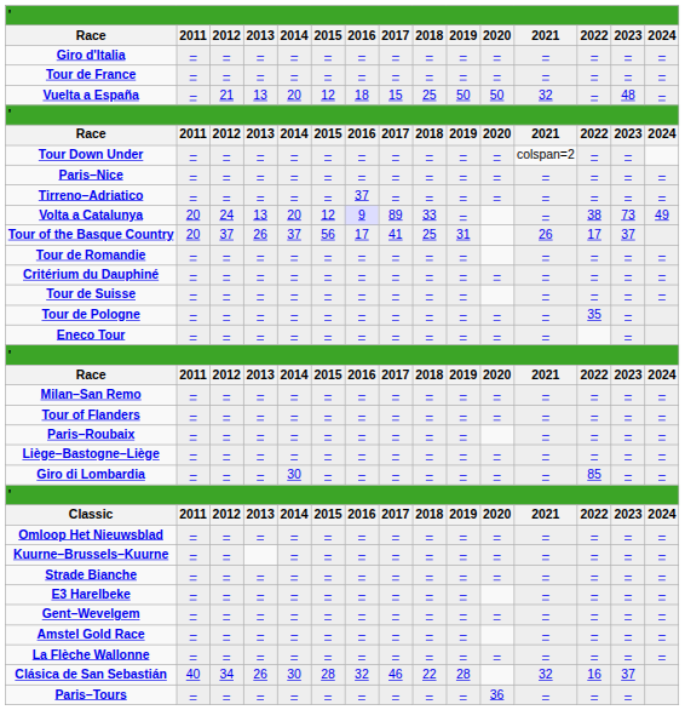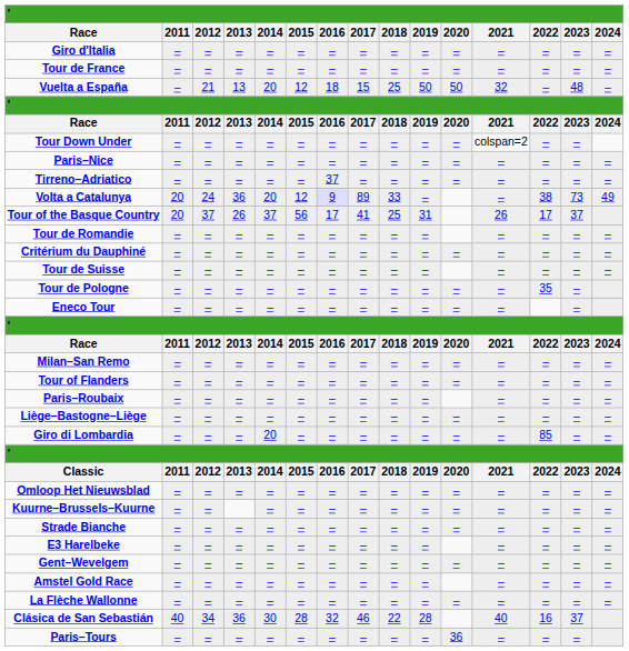 <table class="wikitable">
 <tr style="background:#eee;">
 <td style="background:#3ca527;" colspan=25><strong>'</strong></td>
 </tr>
 <tr>
 <th>Race</th>
 <th>2011</th>
 <th>2012</th>
 <th>2013</th>
 <th>2014</th>
 <th>2015</th>
 <th>2016</th>
 <th>2017</th>
 <th>2018</th>
 <th>2019</th>
 <th>2020</th>
 <th>2021</th>
 <th>2022</th>
 <th>2023</th>
 <th>2024</th>
 </tr>
 <tr align="center">
 <td><strong><a href='#'>Giro d'Italia</a></strong></td>
 <td style="background:#eee;"><a href='#'>–</a></td>
 <td style="background:#eee;"><a href='#'>–</a></td>
 <td style="background:#eee;"><a href='#'>–</a></td>
 <td style="background:#eee;"><a href='#'>–</a></td>
 <td style="background:#eee;"><a href='#'>–</a></td>
 <td style="background:#eee;"><a href='#'>–</a></td>
 <td style="background:#eee;"><a href='#'>–</a></td>
 <td style="background:#eee;"><a href='#'>–</a></td>
 <td style="background:#eee;"><a href='#'>–</a></td>
 <td style="background:#eee;"><a href='#'>–</a></td>
 <td style="background:#eee;"><a href='#'>–</a></td>
 <td style="background:#eee;"><a href='#'>–</a></td>
 <td style="background:#eee;"><a href='#'>–</a></td>
 <td style="background:#eee;"><a href='#'>–</a></td>
 </tr>
 <tr align="center">
 <td><strong><a href='#'>Tour de France</a></strong></td>
 <td style="background:#eee;"><a href='#'>–</a></td>
 <td style="background:#eee;"><a href='#'>–</a></td>
 <td style="background:#eee;"><a href='#'>–</a></td>
 <td style="background:#eee;"><a href='#'>–</a></td>
 <td style="background:#eee;"><a href='#'>–</a></td>
 <td style="background:#eee;"><a href='#'>–</a></td>
 <td style="background:#eee;"><a href='#'>–</a></td>
 <td style="background:#eee;"><a href='#'>–</a></td>
 <td style="background:#eee;"><a href='#'>–</a></td>
 <td style="background:#eee;"><a href='#'>–</a></td>
 <td style="background:#eee;"><a href='#'>–</a></td>
 <td style="background:#eee;"><a href='#'>–</a></td>
 <td style="background:#eee;"><a href='#'>–</a></td>
 <td style="background:#eee;"><a href='#'>–</a></td>
 </tr>
 <tr align="center">
 <td><strong><a href='#'>Vuelta a España</a></strong></td>
 <td style="background:#eee;"><a href='#'>–</a></td>
 <td style="background:#eee;"><a href='#'>21</a></td>
 <td style="background:#eee;"><a href='#'>13</a></td>
 <td style="background:#eee;"><a href='#'>20</a></td>
 <td style="background:#eee;"><a href='#'>12</a></td>
 <td style="background:#eee;"><a href='#'>18</a></td>
 <td style="background:#eee;"><a href='#'>15</a></td>
 <td style="background:#eee;"><a href='#'>25</a></td>
 <td style="background:#eee;"><a href='#'>50</a></td>
 <td style="background:#eee;"><a href='#'>50</a></td>
 <td style="background:#eee;"><a href='#'>32</a></td>
 <td style="background:#eee;"><a href='#'>–</a></td>
 <td style="background:#eee;"><a href='#'>48</a></td>
 <td style="background:#eee;"><a href='#'>–</a></td>
 </tr>
 <tr>
 <td style="background:#3ca527;" colspan=25><strong>'</strong></td>
 </tr>
 <tr>
 <th>Race</th>
 <th>2011</th>
 <th>2012</th>
 <th>2013</th>
 <th>2014</th>
 <th>2015</th>
 <th>2016</th>
 <th>2017</th>
 <th>2018</th>
 <th>2019</th>
 <th>2020</th>
 <th>2021</th>
 <th>2022</th>
 <th>2023</th>
 <th>2024</th>
 </tr>
 <tr align="center">
 <td><strong><a href='#'>Tour Down Under</a></strong></td>
 <td style="background:#eee;"><a href='#'>–</a></td>
 <td style="background:#eee;"><a href='#'>–</a></td>
 <td style="background:#eee;"><a href='#'>–</a></td>
 <td style="background:#eee;"><a href='#'>–</a></td>
 <td style="background:#eee;"><a href='#'>–</a></td>
 <td style="background:#eee;"><a href='#'>–</a></td>
 <td style="background:#eee;"><a href='#'>–</a></td>
 <td style="background:#eee;"><a href='#'>–</a></td>
 <td style="background:#eee;"><a href='#'>–</a></td>
 <td style="background:#eee;"><a href='#'>–</a></td>
 <td>colspan=2 </td>
 <td style="background:#eee;"><a href='#'>–</a></td>
 <td style="background:#eee;"><a href='#'>–</a></td>
 </tr>
 <tr align="center">
 <td><strong><a href='#'>Paris–Nice</a></strong></td>
 <td style="background:#eee;"><a href='#'>–</a></td>
 <td style="background:#eee;"><a href='#'>–</a></td>
 <td style="background:#eee;"><a href='#'>–</a></td>
 <td style="background:#eee;"><a href='#'>–</a></td>
 <td style="background:#eee;"><a href='#'>–</a></td>
 <td style="background:#eee;"><a href='#'>–</a></td>
 <td style="background:#eee;"><a href='#'>–</a></td>
 <td style="background:#eee;"><a href='#'>–</a></td>
 <td style="background:#eee;"><a href='#'>–</a></td>
 <td style="background:#eee;"><a href='#'>–</a></td>
 <td style="background:#eee;"><a href='#'>–</a></td>
 <td style="background:#eee;"><a href='#'>–</a></td>
 <td style="background:#eee;"><a href='#'>–</a></td>
 <td style="background:#eee;"><a href='#'>–</a></td>
 </tr>
 <tr align="center">
 <td><strong><a href='#'>Tirreno–Adriatico</a></strong></td>
 <td style="background:#eee;"><a href='#'>–</a></td>
 <td style="background:#eee;"><a href='#'>–</a></td>
 <td style="background:#eee;"><a href='#'>–</a></td>
 <td style="background:#eee;"><a href='#'>–</a></td>
 <td style="background:#eee;"><a href='#'>–</a></td>
 <td style="background:#eee;"><a href='#'>37</a></td>
 <td style="background:#eee;"><a href='#'>–</a></td>
 <td style="background:#eee;"><a href='#'>–</a></td>
 <td style="background:#eee;"><a href='#'>–</a></td>
 <td style="background:#eee;"><a href='#'>–</a></td>
 <td style="background:#eee;"><a href='#'>–</a></td>
 <td style="background:#eee;"><a href='#'>–</a></td>
 <td style="background:#eee;"><a href='#'>–</a></td>
 <td style="background:#eee;"><a href='#'>–</a></td>
 </tr>
 <tr align="center">
 <td><strong><a href='#'>Volta a Catalunya</a></strong></td>
 <td style="background:#eee;"><a href='#'>20</a></td>
 <td style="background:#eee;"><a href='#'>24</a></td>
-<td style="background:#eee;"><a href='#'>13</a></td>
+<td style="background:#eee;"><a href='#'>36</a></td>
 <td style="background:#eee;"><a href='#'>20</a></td>
 <td style="background:#eee;"><a href='#'>12</a></td>
 <td style="background:#ddf;"><a href='#'>9</a></td>
 <td style="background:#eee;"><a href='#'>89</a></td>
 <td style="background:#eee;"><a href='#'>33</a></td>
 <td style="background:#eee;"><a href='#'>–</a></td>
 <td></td>
 <td style="background:#eee;"><a href='#'>–</a></td>
 <td style="background:#eee;"><a href='#'>38</a></td>
 <td style="background:#eee;"><a href='#'>73</a></td>
 <td style="background:#eee;"><a href='#'>49</a></td>
 </tr>
 <tr align="center">
 <td><strong><a href='#'>Tour of the Basque Country</a></strong></td>
 <td style="background:#eee;"><a href='#'>20</a></td>
 <td style="background:#eee;"><a href='#'>37</a></td>
 <td style="background:#eee;"><a href='#'>26</a></td>
 <td style="background:#eee;"><a href='#'>37</a></td>
 <td style="background:#eee;"><a href='#'>56</a></td>
 <td style="background:#eee;"><a href='#'>17</a></td>
 <td style="background:#eee;"><a href='#'>41</a></td>
 <td style="background:#eee;"><a href='#'>25</a></td>
 <td style="background:#eee;"><a href='#'>31</a></td>
 <td></td>
 <td style="background:#eee;"><a href='#'>26</a></td>
 <td style="background:#eee;"><a href='#'>17</a></td>
 <td style="background:#eee;"><a href='#'>37</a></td>
 <td style="background:#eee;"><a href='#'></a></td>
 </tr>
 <tr align="center">
 <td><strong><a href='#'>Tour de Romandie</a></strong></td>
 <td style="background:#eee;"><a href='#'>–</a></td>
 <td style="background:#eee;"><a href='#'>–</a></td>
 <td style="background:#eee;"><a href='#'>–</a></td>
 <td style="background:#eee;"><a href='#'>–</a></td>
 <td style="background:#eee;"><a href='#'>–</a></td>
 <td style="background:#eee;"><a href='#'>–</a></td>
 <td style="background:#eee;"><a href='#'>–</a></td>
 <td style="background:#eee;"><a href='#'>–</a></td>
 <td style="background:#eee;"><a href='#'>–</a></td>
 <td></td>
 <td style="background:#eee;"><a href='#'>–</a></td>
 <td style="background:#eee;"><a href='#'>–</a></td>
 <td style="background:#eee;"><a href='#'>–</a></td>
 <td style="background:#eee;"><a href='#'>–</a></td>
 </tr>
 <tr align="center">
 <td><strong><a href='#'>Critérium du Dauphiné</a></strong></td>
 <td style="background:#eee;"><a href='#'>–</a></td>
 <td style="background:#eee;"><a href='#'>–</a></td>
 <td style="background:#eee;"><a href='#'>–</a></td>
 <td style="background:#eee;"><a href='#'>–</a></td>
 <td style="background:#eee;"><a href='#'>–</a></td>
 <td style="background:#eee;"><a href='#'>–</a></td>
 <td style="background:#eee;"><a href='#'>–</a></td>
 <td style="background:#eee;"><a href='#'>–</a></td>
 <td style="background:#eee;"><a href='#'>–</a></td>
 <td style="background:#eee;"><a href='#'>–</a></td>
 <td style="background:#eee;"><a href='#'>–</a></td>
 <td style="background:#eee;"><a href='#'>–</a></td>
 <td style="background:#eee;"><a href='#'>–</a></td>
 <td style="background:#eee;"><a href='#'>–</a></td>
 </tr>
 <tr align="center">
 <td><strong><a href='#'>Tour de Suisse</a></strong></td>
 <td style="background:#eee;"><a href='#'>–</a></td>
 <td style="background:#eee;"><a href='#'>–</a></td>
 <td style="background:#eee;"><a href='#'>–</a></td>
 <td style="background:#eee;"><a href='#'>–</a></td>
 <td style="background:#eee;"><a href='#'>–</a></td>
 <td style="background:#eee;"><a href='#'>–</a></td>
 <td style="background:#eee;"><a href='#'>–</a></td>
 <td style="background:#eee;"><a href='#'>–</a></td>
 <td style="background:#eee;"><a href='#'>–</a></td>
 <td></td>
 <td style="background:#eee;"><a href='#'>–</a></td>
 <td style="background:#eee;"><a href='#'>–</a></td>
 <td style="background:#eee;"><a href='#'>–</a></td>
 <td style="background:#eee;"><a href='#'>–</a></td>
 </tr>
 <tr align="center">
 <td><strong><a href='#'>Tour de Pologne</a></strong></td>
 <td style="background:#eee;"><a href='#'>–</a></td>
 <td style="background:#eee;"><a href='#'>–</a></td>
 <td style="background:#eee;"><a href='#'>–</a></td>
 <td style="background:#eee;"><a href='#'>–</a></td>
 <td style="background:#eee;"><a href='#'>–</a></td>
 <td style="background:#eee;"><a href='#'>–</a></td>
 <td style="background:#eee;"><a href='#'>–</a></td>
 <td style="background:#eee;"><a href='#'>–</a></td>
 <td style="background:#eee;"><a href='#'>–</a></td>
 <td style="background:#eee;"><a href='#'>–</a></td>
 <td style="background:#eee;"><a href='#'>–</a></td>
 <td style="background:#eee;"><a href='#'>35</a></td>
 <td style="background:#eee;"><a href='#'>–</a></td>
 <td style="background:#eee;"><a href='#'></a></td>
 </tr>
 <tr align="center">
 <td><strong><a href='#'>Eneco Tour</a></strong></td>
 <td style="background:#eee;"><a href='#'>–</a></td>
 <td style="background:#eee;"><a href='#'>–</a></td>
 <td style="background:#eee;"><a href='#'>–</a></td>
 <td style="background:#eee;"><a href='#'>–</a></td>
 <td style="background:#eee;"><a href='#'>–</a></td>
 <td style="background:#eee;"><a href='#'>–</a></td>
 <td style="background:#eee;"><a href='#'>–</a></td>
 <td style="background:#eee;"><a href='#'>–</a></td>
 <td style="background:#eee;"><a href='#'>–</a></td>
 <td style="background:#eee;"><a href='#'>–</a></td>
 <td style="background:#eee;"><a href='#'>–</a></td>
 <td></td>
 <td style="background:#eee;"><a href='#'>–</a></td>
 <td style="background:#eee;"><a href='#'></a></td>
 </tr>
 <tr>
 <td style="background:#3ca527;" colspan=25><strong>'</strong></td>
 </tr>
 <tr>
 <th>Race</th>
 <th>2011</th>
 <th>2012</th>
 <th>2013</th>
 <th>2014</th>
 <th>2015</th>
 <th>2016</th>
 <th>2017</th>
 <th>2018</th>
 <th>2019</th>
 <th>2020</th>
 <th>2021</th>
 <th>2022</th>
 <th>2023</th>
 <th>2024</th>
 </tr>
 <tr align="center">
 <td><strong><a href='#'>Milan–San Remo</a></strong></td>
 <td style="background:#eee;"><a href='#'>–</a></td>
 <td style="background:#eee;"><a href='#'>–</a></td>
 <td style="background:#eee;"><a href='#'>–</a></td>
 <td style="background:#eee;"><a href='#'>–</a></td>
 <td style="background:#eee;"><a href='#'>–</a></td>
 <td style="background:#eee;"><a href='#'>–</a></td>
 <td style="background:#eee;"><a href='#'>–</a></td>
 <td style="background:#eee;"><a href='#'>–</a></td>
 <td style="background:#eee;"><a href='#'>–</a></td>
 <td style="background:#eee;"><a href='#'>–</a></td>
 <td style="background:#eee;"><a href='#'>–</a></td>
 <td style="background:#eee;"><a href='#'>–</a></td>
 <td style="background:#eee;"><a href='#'>–</a></td>
 <td style="background:#eee;"><a href='#'>–</a></td>
 </tr>
 <tr align="center">
 <td><strong><a href='#'>Tour of Flanders</a></strong></td>
 <td style="background:#eee;"><a href='#'>–</a></td>
 <td style="background:#eee;"><a href='#'>–</a></td>
 <td style="background:#eee;"><a href='#'>–</a></td>
 <td style="background:#eee;"><a href='#'>–</a></td>
 <td style="background:#eee;"><a href='#'>–</a></td>
 <td style="background:#eee;"><a href='#'>–</a></td>
 <td style="background:#eee;"><a href='#'>–</a></td>
 <td style="background:#eee;"><a href='#'>–</a></td>
 <td style="background:#eee;"><a href='#'>–</a></td>
 <td style="background:#eee;"><a href='#'>–</a></td>
 <td style="background:#eee;"><a href='#'>–</a></td>
 <td style="background:#eee;"><a href='#'>–</a></td>
 <td style="background:#eee;"><a href='#'>–</a></td>
 <td style="background:#eee;"><a href='#'>–</a></td>
 </tr>
 <tr align="center">
 <td><strong><a href='#'>Paris–Roubaix</a></strong></td>
 <td style="background:#eee;"><a href='#'>–</a></td>
 <td style="background:#eee;"><a href='#'>–</a></td>
 <td style="background:#eee;"><a href='#'>–</a></td>
 <td style="background:#eee;"><a href='#'>–</a></td>
 <td style="background:#eee;"><a href='#'>–</a></td>
 <td style="background:#eee;"><a href='#'>–</a></td>
 <td style="background:#eee;"><a href='#'>–</a></td>
 <td style="background:#eee;"><a href='#'>–</a></td>
 <td style="background:#eee;"><a href='#'>–</a></td>
 <td></td>
 <td style="background:#eee;"><a href='#'>–</a></td>
 <td style="background:#eee;"><a href='#'>–</a></td>
 <td style="background:#eee;"><a href='#'>–</a></td>
 <td style="background:#eee;"><a href='#'>–</a></td>
 </tr>
 <tr align="center">
 <td><strong><a href='#'>Liège–Bastogne–Liège</a></strong></td>
 <td style="background:#eee;"><a href='#'>–</a></td>
 <td style="background:#eee;"><a href='#'>–</a></td>
 <td style="background:#eee;"><a href='#'>–</a></td>
 <td style="background:#eee;"><a href='#'>–</a></td>
 <td style="background:#eee;"><a href='#'>–</a></td>
 <td style="background:#eee;"><a href='#'>–</a></td>
 <td style="background:#eee;"><a href='#'>–</a></td>
 <td style="background:#eee;"><a href='#'>–</a></td>
 <td style="background:#eee;"><a href='#'>–</a></td>
 <td style="background:#eee;"><a href='#'>–</a></td>
 <td style="background:#eee;"><a href='#'>–</a></td>
 <td style="background:#eee;"><a href='#'>–</a></td>
 <td style="background:#eee;"><a href='#'>–</a></td>
 <td style="background:#eee;"><a href='#'>–</a></td>
 </tr>
 <tr align="center">
 <td><strong><a href='#'>Giro di Lombardia</a></strong></td>
 <td style="background:#eee;"><a href='#'>–</a></td>
 <td style="background:#eee;"><a href='#'>–</a></td>
 <td style="background:#eee;"><a href='#'>–</a></td>
-<td style="background:#eee;"><a href='#'>30</a></td>
+<td style="background:#eee;"><a href='#'>20</a></td>
 <td style="background:#eee;"><a href='#'>–</a></td>
 <td style="background:#eee;"><a href='#'>–</a></td>
 <td style="background:#eee;"><a href='#'>–</a></td>
 <td style="background:#eee;"><a href='#'>–</a></td>
 <td style="background:#eee;"><a href='#'>–</a></td>
 <td style="background:#eee;"><a href='#'>–</a></td>
 <td style="background:#eee;"><a href='#'>–</a></td>
 <td style="background:#eee;"><a href='#'>85</a></td>
 <td style="background:#eee;"><a href='#'>–</a></td>
 <td style="background:#eee;"><a href='#'>–</a></td>
 </tr>
 <tr>
 <td style="background:#3ca527;" colspan=25><strong>'</strong></td>
 </tr>
 <tr>
 <th>Classic</th>
 <th>2011</th>
 <th>2012</th>
 <th>2013</th>
 <th>2014</th>
 <th>2015</th>
 <th>2016</th>
 <th>2017</th>
 <th>2018</th>
 <th>2019</th>
 <th>2020</th>
 <th>2021</th>
 <th>2022</th>
 <th>2023</th>
 <th>2024</th>
 </tr>
 <tr align="center">
 <td><strong><a href='#'>Omloop Het Nieuwsblad</a></strong></td>
 <td style="background:#eee;"><a href='#'>–</a></td>
 <td style="background:#eee;"><a href='#'>–</a></td>
 <td style="background:#eee;"><a href='#'>–</a></td>
 <td style="background:#eee;"><a href='#'>–</a></td>
 <td style="background:#eee;"><a href='#'>–</a></td>
 <td style="background:#eee;"><a href='#'>–</a></td>
 <td style="background:#eee;"><a href='#'>–</a></td>
 <td style="background:#eee;"><a href='#'>–</a></td>
 <td style="background:#eee;"><a href='#'>–</a></td>
 <td style="background:#eee;"><a href='#'>–</a></td>
 <td style="background:#eee;"><a href='#'>–</a></td>
 <td style="background:#eee;"><a href='#'>–</a></td>
 <td style="background:#eee;"><a href='#'>–</a></td>
 <td style="background:#eee;"><a href='#'>–</a></td>
 </tr>
 <tr align="center">
 <td><strong><a href='#'>Kuurne–Brussels–Kuurne</a></strong></td>
 <td style="background:#eee;"><a href='#'>–</a></td>
 <td style="background:#eee;"><a href='#'>–</a></td>
 <td></td>
 <td style="background:#eee;"><a href='#'>–</a></td>
 <td style="background:#eee;"><a href='#'>–</a></td>
 <td style="background:#eee;"><a href='#'>–</a></td>
 <td style="background:#eee;"><a href='#'>–</a></td>
 <td style="background:#eee;"><a href='#'>–</a></td>
 <td style="background:#eee;"><a href='#'>–</a></td>
 <td style="background:#eee;"><a href='#'>–</a></td>
 <td style="background:#eee;"><a href='#'>–</a></td>
 <td style="background:#eee;"><a href='#'>–</a></td>
 <td style="background:#eee;"><a href='#'>–</a></td>
 <td style="background:#eee;"><a href='#'>–</a></td>
 </tr>
 <tr align="center">
 <td><strong><a href='#'>Strade Bianche</a></strong></td>
 <td style="background:#eee;"><a href='#'>–</a></td>
 <td style="background:#eee;"><a href='#'>–</a></td>
 <td style="background:#eee;"><a href='#'>–</a></td>
 <td style="background:#eee;"><a href='#'>–</a></td>
 <td style="background:#eee;"><a href='#'>–</a></td>
 <td style="background:#eee;"><a href='#'>–</a></td>
 <td style="background:#eee;"><a href='#'>–</a></td>
 <td style="background:#eee;"><a href='#'>–</a></td>
 <td style="background:#eee;"><a href='#'>–</a></td>
 <td style="background:#eee;"><a href='#'>–</a></td>
 <td style="background:#eee;"><a href='#'>–</a></td>
 <td style="background:#eee;"><a href='#'>–</a></td>
 <td style="background:#eee;"><a href='#'>–</a></td>
 <td style="background:#eee;"><a href='#'>–</a></td>
 </tr>
 <tr align="center">
 <td><strong><a href='#'>E3 Harelbeke</a></strong></td>
 <td style="background:#eee;"><a href='#'>–</a></td>
 <td style="background:#eee;"><a href='#'>–</a></td>
 <td style="background:#eee;"><a href='#'>–</a></td>
 <td style="background:#eee;"><a href='#'>–</a></td>
 <td style="background:#eee;"><a href='#'>–</a></td>
 <td style="background:#eee;"><a href='#'>–</a></td>
 <td style="background:#eee;"><a href='#'>–</a></td>
 <td style="background:#eee;"><a href='#'>–</a></td>
 <td style="background:#eee;"><a href='#'>–</a></td>
 <td></td>
 <td style="background:#eee;"><a href='#'>–</a></td>
 <td style="background:#eee;"><a href='#'>–</a></td>
 <td style="background:#eee;"><a href='#'>–</a></td>
 <td style="background:#eee;"><a href='#'>–</a></td>
 </tr>
 <tr align="center">
 <td><strong><a href='#'>Gent–Wevelgem</a></strong></td>
 <td style="background:#eee;"><a href='#'>–</a></td>
 <td style="background:#eee;"><a href='#'>–</a></td>
 <td style="background:#eee;"><a href='#'>–</a></td>
 <td style="background:#eee;"><a href='#'>–</a></td>
 <td style="background:#eee;"><a href='#'>–</a></td>
 <td style="background:#eee;"><a href='#'>–</a></td>
 <td style="background:#eee;"><a href='#'>–</a></td>
 <td style="background:#eee;"><a href='#'>–</a></td>
 <td style="background:#eee;"><a href='#'>–</a></td>
 <td style="background:#eee;"><a href='#'>–</a></td>
 <td style="background:#eee;"><a href='#'>–</a></td>
 <td style="background:#eee;"><a href='#'>–</a></td>
 <td style="background:#eee;"><a href='#'>–</a></td>
 <td style="background:#eee;"><a href='#'>–</a></td>
 </tr>
 <tr align="center">
 <td><strong><a href='#'>Amstel Gold Race</a></strong></td>
 <td style="background:#eee;"><a href='#'>–</a></td>
 <td style="background:#eee;"><a href='#'>–</a></td>
 <td style="background:#eee;"><a href='#'>–</a></td>
 <td style="background:#eee;"><a href='#'>–</a></td>
 <td style="background:#eee;"><a href='#'>–</a></td>
 <td style="background:#eee;"><a href='#'>–</a></td>
 <td style="background:#eee;"><a href='#'>–</a></td>
 <td style="background:#eee;"><a href='#'>–</a></td>
 <td style="background:#eee;"><a href='#'>–</a></td>
 <td></td>
 <td style="background:#eee;"><a href='#'>–</a></td>
 <td style="background:#eee;"><a href='#'>–</a></td>
 <td style="background:#eee;"><a href='#'>–</a></td>
 <td style="background:#eee;"><a href='#'>–</a></td>
 </tr>
 <tr align="center">
 <td><strong><a href='#'>La Flèche Wallonne</a></strong></td>
 <td style="background:#eee;"><a href='#'>–</a></td>
 <td style="background:#eee;"><a href='#'>–</a></td>
 <td style="background:#eee;"><a href='#'>–</a></td>
 <td style="background:#eee;"><a href='#'>–</a></td>
 <td style="background:#eee;"><a href='#'>–</a></td>
 <td style="background:#eee;"><a href='#'>–</a></td>
 <td style="background:#eee;"><a href='#'>–</a></td>
 <td style="background:#eee;"><a href='#'>–</a></td>
 <td style="background:#eee;"><a href='#'>–</a></td>
 <td style="background:#eee;"><a href='#'>–</a></td>
 <td style="background:#eee;"><a href='#'>–</a></td>
 <td style="background:#eee;"><a href='#'>–</a></td>
 <td style="background:#eee;"><a href='#'>–</a></td>
 <td style="background:#eee;"><a href='#'>–</a></td>
 </tr>
 <tr align="center">
 <td><strong><a href='#'>Clásica de San Sebastián</a></strong></td>
 <td style="background:#eee;"><a href='#'>40</a></td>
 <td style="background:#eee;"><a href='#'>34</a></td>
-<td style="background:#eee;"><a href='#'>26</a></td>
+<td style="background:#eee;"><a href='#'>36</a></td>
 <td style="background:#eee;"><a href='#'>30</a></td>
 <td style="background:#eee;"><a href='#'>28</a></td>
 <td style="background:#eee;"><a href='#'>32</a></td>
 <td style="background:#eee;"><a href='#'>46</a></td>
 <td style="background:#eee;"><a href='#'>22</a></td>
 <td style="background:#eee;"><a href='#'>28</a></td>
 <td></td>
-<td style="background:#eee;"><a href='#'>32</a></td>
+<td style="background:#eee;"><a href='#'>40</a></td>
 <td style="background:#eee;"><a href='#'>16</a></td>
 <td style="background:#eee;"><a href='#'>37</a></td>
 <td style="background:#eee;"><a href='#'></a></td>
 </tr>
 <tr align="center">
 <td><strong><a href='#'>Paris–Tours</a></strong></td>
 <td style="background:#eee;"><a href='#'>–</a></td>
 <td style="background:#eee;"><a href='#'>–</a></td>
 <td style="background:#eee;"><a href='#'>–</a></td>
 <td style="background:#eee;"><a href='#'>–</a></td>
 <td style="background:#eee;"><a href='#'>–</a></td>
 <td style="background:#eee;"><a href='#'>–</a></td>
 <td style="background:#eee;"><a href='#'>–</a></td>
 <td style="background:#eee;"><a href='#'>–</a></td>
 <td style="background:#eee;"><a href='#'>–</a></td>
 <td style="background:#eee;"><a href='#'>36</a></td>
 <td style="background:#eee;"><a href='#'>–</a></td>
 <td style="background:#eee;"><a href='#'>–</a></td>
 <td style="background:#eee;"><a href='#'>–</a></td>
 <td style="background:#eee;"><a href='#'></a></td>
 </tr>
 </table>
